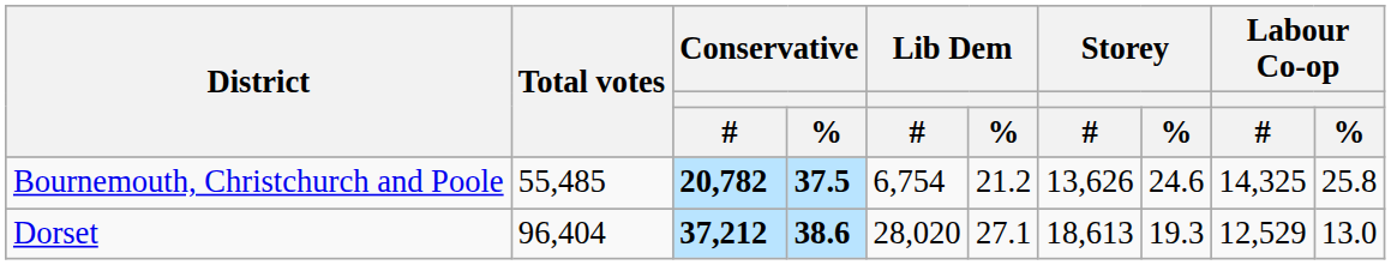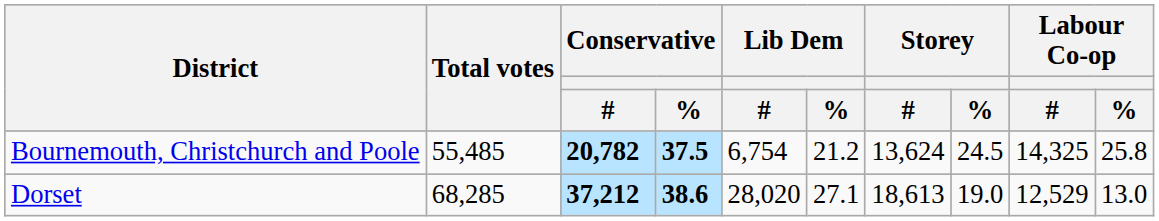 <table class="wikitable sortable">
 <tr>
 <th rowspan=3>District</th>
 <th rowspan=3>Total votes</th>
 <th colspan="2">Conservative</th>
 <th colspan="2">Lib Dem</th>
 <th colspan="2">Storey</th>
 <th colspan="2">Labour<br>Co-op</th>
 </tr>
 <tr>
 <th colspan="2" style="background:"></th>
 <th colspan="2" style="background:"></th>
 <th colspan="2" style="background:"></th>
 <th colspan="2" style="background:"></th>
 </tr>
 <tr>
 <th>#</th>
 <th>%</th>
 <th>#</th>
 <th>%</th>
 <th>#</th>
 <th>%</th>
 <th>#</th>
 <th>%</th>
 </tr>
 <tr>
 <td><a href='#'>Bournemouth, Christchurch and Poole</a></td>
 <td>55,485</td>
 <td style="background:#B9E4FF;"><strong>20,782</strong></td>
 <td style="background:#B9E4FF;"><strong>37.5</strong></td>
 <td>6,754</td>
 <td>21.2</td>
-<td>13,626</td>
-<td>24.6</td>
+<td>13,624</td>
+<td>24.5</td>
 <td>14,325</td>
 <td>25.8</td>
 </tr>
 <tr>
 <td><a href='#'>Dorset</a></td>
-<td>96,404</td>
+<td>68,285</td>
 <td style="background:#B9E4FF;"><strong>37,212</strong></td>
 <td style="background:#B9E4FF;"><strong>38.6</strong></td>
 <td>28,020</td>
 <td>27.1</td>
 <td>18,613</td>
-<td>19.3</td>
+<td>19.0</td>
 <td>12,529</td>
 <td>13.0</td>
 </tr>
 </table>
